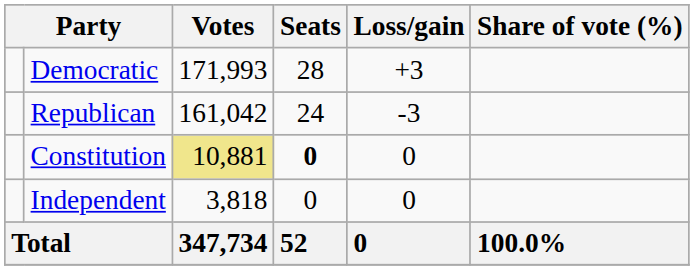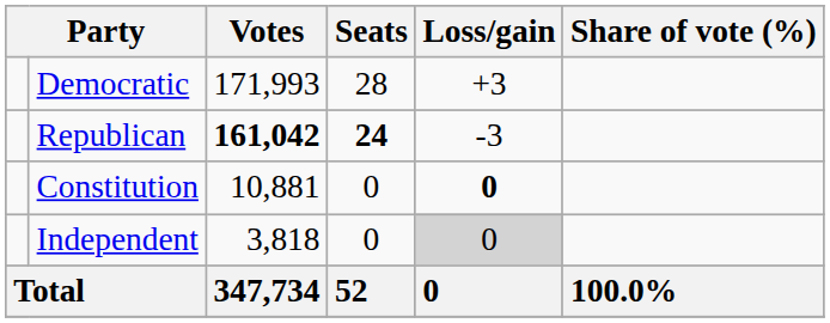 <table class="wikitable">
 <tr>
 <th colspan=2>Party</th>
 <th>Votes</th>
 <th>Seats</th>
 <th>Loss/gain</th>
 <th>Share of vote (%)</th>
 </tr>
 <tr>
 <td style="background-color:"> </td>
 <td><a href='#'>Democratic</a></td>
 <td style="text-align:right;">171,993</td>
 <td style="text-align:center;">28</td>
 <td style="text-align:center;">+3</td>
 <td style="text-align:center;"></td>
 </tr>
 <tr>
 <td style="background-color:"> </td>
 <td><a href='#'>Republican</a></td>
-<td style="text-align:right;">161,042</td>
-<td style="text-align:center;">24</td>
+<td style="text-align:right;"><strong>161,042</strong></td>
+<td style="text-align:center;"><strong>24</strong></td>
 <td style="text-align:center;">-3</td>
 <td style="text-align:center;"></td>
 </tr>
 <tr>
 <td style="background-color:"> </td>
 <td><a href='#'>Constitution</a></td>
-<td style="background: khaki; text-align:right;">10,881</td>
+<td style="text-align:right;">10,881</td>
+<td style="text-align:center;">0</td>
 <td style="text-align:center;"><strong>0</strong></td>
-<td style="text-align:center;">0</td>
 <td style="text-align:center;"></td>
 </tr>
 <tr>
 <td style="background-color:"> </td>
 <td><a href='#'>Independent</a></td>
 <td style="text-align:right;">3,818</td>
 <td style="text-align:center;">0</td>
-<td style="text-align:center;">0</td>
+<td style="background: lightgrey; text-align:center;">0</td>
 <td style="text-align:center;"></td>
 </tr>
 <tr>
 <td style="background-color: #f2f2f2; text-align: left; font-weight: bold" colspan="2">Total</td>
 <td style="background-color: #f2f2f2; font-weight: bold">347,734</td>
 <td style="background-color: #f2f2f2; font-weight: bold">52</td>
 <td style="background-color: #f2f2f2; font-weight: bold">0</td>
 <td style="background-color: #f2f2f2; font-weight: bold">100.0%</td>
 </tr>
 <tr>
 </tr>
 </table>
